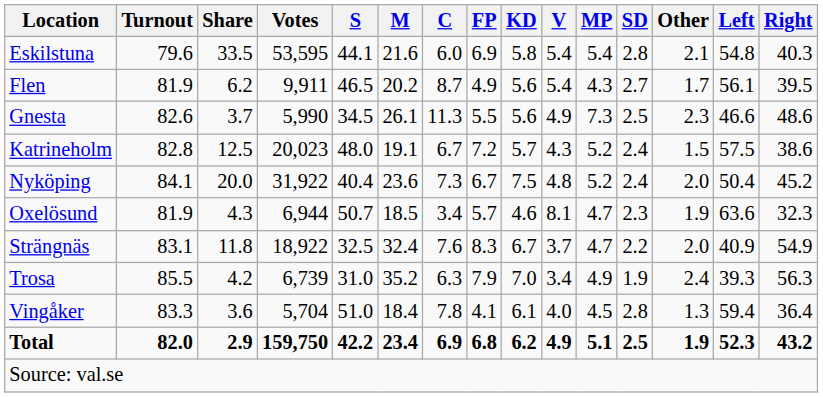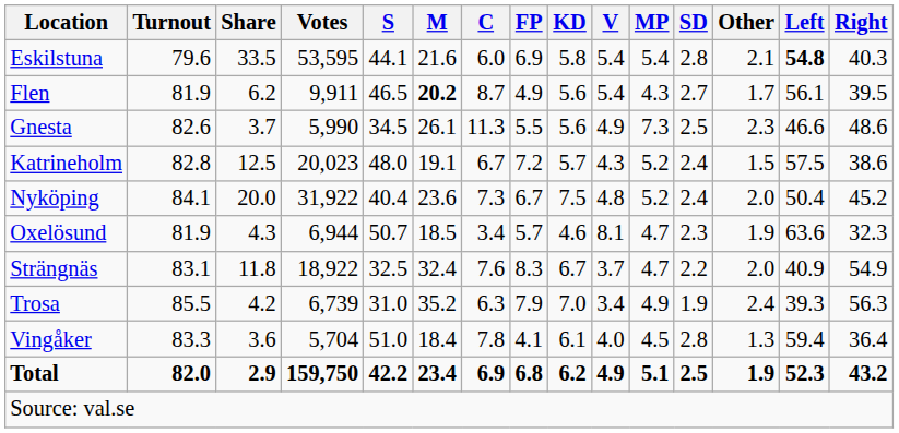 <table class="wikitable sortable" style=text-align:right>
 <tr>
 <th>Location</th>
 <th>Turnout</th>
 <th>Share</th>
 <th>Votes</th>
 <th><a href='#'>S</a></th>
 <th><a href='#'>M</a></th>
 <th><a href='#'>C</a></th>
 <th><a href='#'>FP</a></th>
 <th><a href='#'>KD</a></th>
 <th><a href='#'>V</a></th>
 <th><a href='#'>MP</a></th>
 <th><a href='#'>SD</a></th>
 <th>Other</th>
 <th><a href='#'>Left</a></th>
 <th><a href='#'>Right</a></th>
 </tr>
 <tr>
 <td align=left><a href='#'>Eskilstuna</a></td>
 <td>79.6</td>
 <td>33.5</td>
 <td>53,595</td>
 <td>44.1</td>
 <td>21.6</td>
 <td>6.0</td>
 <td>6.9</td>
 <td>5.8</td>
 <td>5.4</td>
 <td>5.4</td>
 <td>2.8</td>
 <td>2.1</td>
-<td>54.8</td>
+<td><strong>54.8</strong></td>
 <td>40.3</td>
 </tr>
 <tr>
 <td align=left><a href='#'>Flen</a></td>
 <td>81.9</td>
 <td>6.2</td>
 <td>9,911</td>
 <td>46.5</td>
-<td>20.2</td>
+<td><strong>20.2</strong></td>
 <td>8.7</td>
 <td>4.9</td>
 <td>5.6</td>
 <td>5.4</td>
 <td>4.3</td>
 <td>2.7</td>
 <td>1.7</td>
 <td>56.1</td>
 <td>39.5</td>
 </tr>
 <tr>
 <td align=left><a href='#'>Gnesta</a></td>
 <td>82.6</td>
 <td>3.7</td>
 <td>5,990</td>
 <td>34.5</td>
 <td>26.1</td>
 <td>11.3</td>
 <td>5.5</td>
 <td>5.6</td>
 <td>4.9</td>
 <td>7.3</td>
 <td>2.5</td>
 <td>2.3</td>
 <td>46.6</td>
 <td>48.6</td>
 </tr>
 <tr>
 <td align=left><a href='#'>Katrineholm</a></td>
 <td>82.8</td>
 <td>12.5</td>
 <td>20,023</td>
 <td>48.0</td>
 <td>19.1</td>
 <td>6.7</td>
 <td>7.2</td>
 <td>5.7</td>
 <td>4.3</td>
 <td>5.2</td>
 <td>2.4</td>
 <td>1.5</td>
 <td>57.5</td>
 <td>38.6</td>
 </tr>
 <tr>
 <td align=left><a href='#'>Nyköping</a></td>
 <td>84.1</td>
 <td>20.0</td>
 <td>31,922</td>
 <td>40.4</td>
 <td>23.6</td>
 <td>7.3</td>
 <td>6.7</td>
 <td>7.5</td>
 <td>4.8</td>
 <td>5.2</td>
 <td>2.4</td>
 <td>2.0</td>
 <td>50.4</td>
 <td>45.2</td>
 </tr>
 <tr>
 <td align=left><a href='#'>Oxelösund</a></td>
 <td>81.9</td>
 <td>4.3</td>
 <td>6,944</td>
 <td>50.7</td>
 <td>18.5</td>
 <td>3.4</td>
 <td>5.7</td>
 <td>4.6</td>
 <td>8.1</td>
 <td>4.7</td>
 <td>2.3</td>
 <td>1.9</td>
 <td>63.6</td>
 <td>32.3</td>
 </tr>
 <tr>
 <td align=left><a href='#'>Strängnäs</a></td>
 <td>83.1</td>
 <td>11.8</td>
 <td>18,922</td>
 <td>32.5</td>
 <td>32.4</td>
 <td>7.6</td>
 <td>8.3</td>
 <td>6.7</td>
 <td>3.7</td>
 <td>4.7</td>
 <td>2.2</td>
 <td>2.0</td>
 <td>40.9</td>
 <td>54.9</td>
 </tr>
 <tr>
 <td align=left><a href='#'>Trosa</a></td>
 <td>85.5</td>
 <td>4.2</td>
 <td>6,739</td>
 <td>31.0</td>
 <td>35.2</td>
 <td>6.3</td>
 <td>7.9</td>
 <td>7.0</td>
 <td>3.4</td>
 <td>4.9</td>
 <td>1.9</td>
 <td>2.4</td>
 <td>39.3</td>
 <td>56.3</td>
 </tr>
 <tr>
 <td align=left><a href='#'>Vingåker</a></td>
 <td>83.3</td>
 <td>3.6</td>
 <td>5,704</td>
 <td>51.0</td>
 <td>18.4</td>
 <td>7.8</td>
 <td>4.1</td>
 <td>6.1</td>
 <td>4.0</td>
 <td>4.5</td>
 <td>2.8</td>
 <td>1.3</td>
 <td>59.4</td>
 <td>36.4</td>
 </tr>
 <tr>
 <td align=left><strong>Total</strong></td>
 <td><strong>82.0</strong></td>
 <td><strong>2.9</strong></td>
 <td><strong>159,750</strong></td>
 <td><strong>42.2</strong></td>
 <td><strong>23.4</strong></td>
 <td><strong>6.9</strong></td>
 <td><strong>6.8</strong></td>
 <td><strong>6.2</strong></td>
 <td><strong>4.9</strong></td>
 <td><strong>5.1</strong></td>
 <td><strong>2.5</strong></td>
 <td><strong>1.9</strong></td>
 <td><strong>52.3</strong></td>
 <td><strong>43.2</strong></td>
 </tr>
 <tr>
 <td align=left colspan=15>Source: val.se </td>
 </tr>
 </table>
